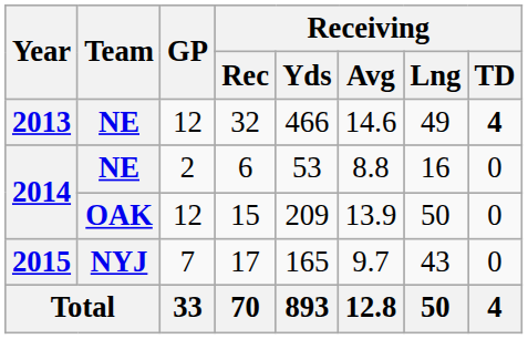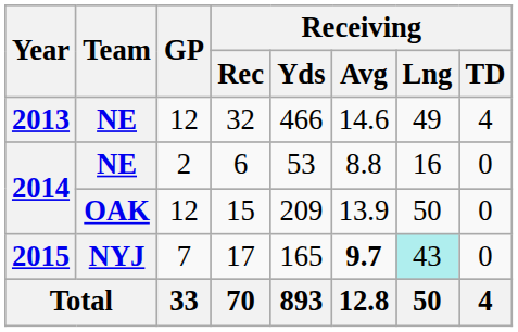 <table class="wikitable" style="text-align:center;">
 <tr>
 <th rowspan="2">Year</th>
 <th rowspan="2">Team</th>
 <th rowspan="2">GP</th>
 <th colspan="5">Receiving</th>
 </tr>
 <tr>
 <th>Rec</th>
 <th>Yds</th>
 <th>Avg</th>
 <th>Lng</th>
 <th>TD</th>
 </tr>
 <tr>
 <th><a href='#'>2013</a></th>
 <th><a href='#'>NE</a></th>
 <td>12</td>
 <td>32</td>
 <td>466</td>
 <td>14.6</td>
 <td>49</td>
-<td><strong>4</strong></td>
+<td>4</td>
 </tr>
 <tr>
 <th rowspan="2"><a href='#'>2014</a></th>
 <th><a href='#'>NE</a></th>
 <td>2</td>
 <td>6</td>
 <td>53</td>
 <td>8.8</td>
 <td>16</td>
 <td>0</td>
 </tr>
 <tr>
 <th><a href='#'>OAK</a></th>
 <td>12</td>
 <td>15</td>
 <td>209</td>
 <td>13.9</td>
 <td>50</td>
 <td>0</td>
 </tr>
 <tr>
 <th><a href='#'>2015</a></th>
 <th><a href='#'>NYJ</a></th>
 <td>7</td>
 <td>17</td>
 <td>165</td>
-<td>9.7</td>
-<td>43</td>
+<td><strong>9.7</strong></td>
+<td style="background: paleturquoise;">43</td>
 <td>0</td>
 </tr>
 <tr>
 <th colspan="2">Total</th>
 <th>33</th>
 <th>70</th>
 <th>893</th>
 <th>12.8</th>
 <th>50</th>
 <th>4</th>
 </tr>
 </table>
